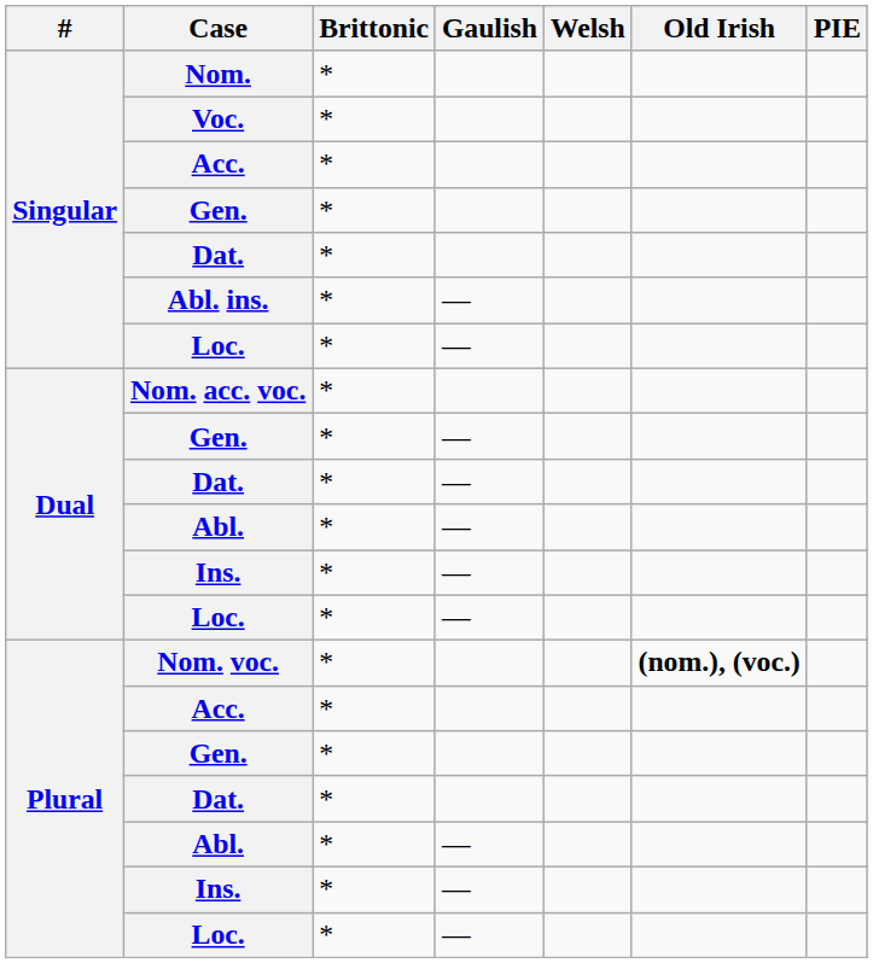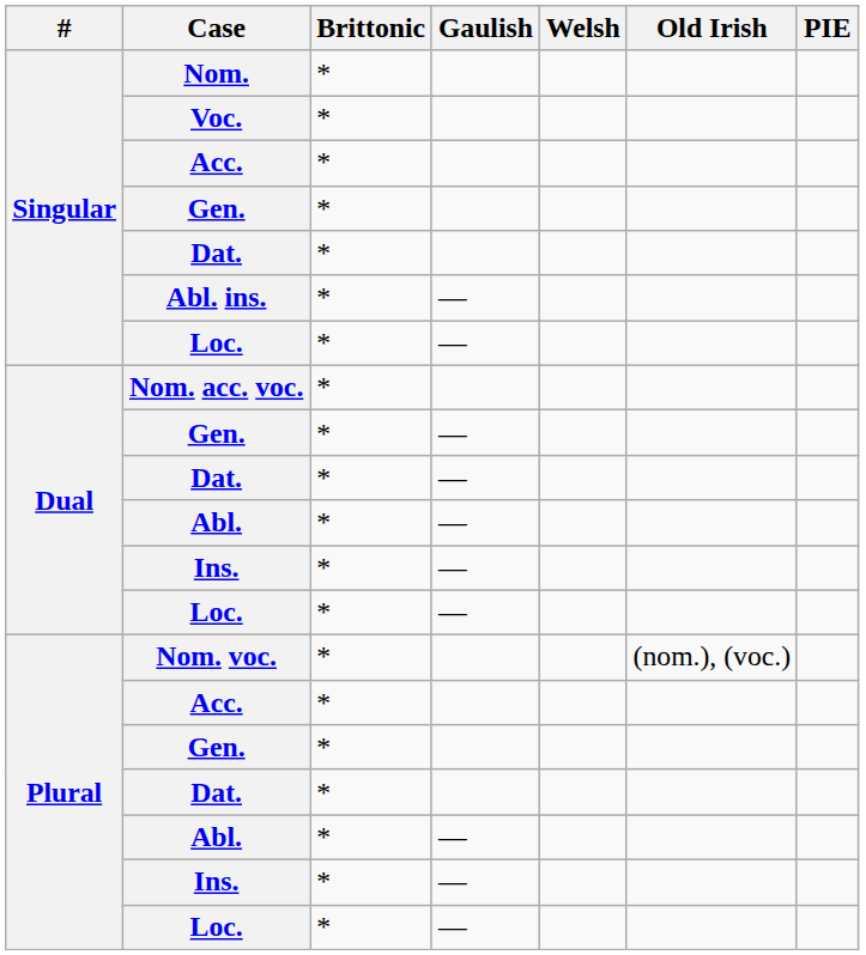 <table class="wikitable">
 <tr>
 <th>#</th>
 <th>Case</th>
 <th>Brittonic</th>
 <th>Gaulish</th>
 <th>Welsh</th>
 <th>Old Irish</th>
 <th>PIE</th>
 </tr>
 <tr>
 <th rowspan="7"><a href='#'>Singular</a></th>
 <th><a href='#'>Nom.</a></th>
 <td>*</td>
 <td></td>
 <td></td>
 <td></td>
 <td></td>
 </tr>
 <tr>
 <th><a href='#'>Voc.</a></th>
 <td>*</td>
 <td></td>
 <td></td>
 <td></td>
 <td></td>
 </tr>
 <tr>
 <th><a href='#'>Acc.</a></th>
 <td>*</td>
 <td></td>
 <td></td>
 <td></td>
 <td></td>
 </tr>
 <tr>
 <th><a href='#'>Gen.</a></th>
 <td>*</td>
 <td></td>
 <td></td>
 <td></td>
 <td></td>
 </tr>
 <tr>
 <th><a href='#'>Dat.</a></th>
 <td>*</td>
 <td></td>
 <td></td>
 <td></td>
 <td></td>
 </tr>
 <tr>
 <th><a href='#'>Abl.</a> <a href='#'>ins.</a></th>
 <td>*</td>
 <td>—</td>
 <td></td>
 <td></td>
 <td></td>
 </tr>
 <tr>
 <th><a href='#'>Loc.</a></th>
 <td>*</td>
 <td>—</td>
 <td></td>
 <td></td>
 <td></td>
 </tr>
 <tr>
 <th rowspan="6"><a href='#'>Dual</a></th>
 <th><a href='#'>Nom.</a> <a href='#'>acc.</a> <a href='#'>voc.</a></th>
 <td>*</td>
 <td></td>
 <td></td>
 <td></td>
 <td></td>
 </tr>
 <tr>
 <th><a href='#'>Gen.</a></th>
 <td>*</td>
 <td>—</td>
 <td></td>
 <td></td>
 <td></td>
 </tr>
 <tr>
 <th><a href='#'>Dat.</a></th>
 <td>*</td>
 <td>—</td>
 <td></td>
 <td></td>
 <td></td>
 </tr>
 <tr>
 <th><a href='#'>Abl.</a></th>
 <td>*</td>
 <td>—</td>
 <td></td>
 <td></td>
 <td></td>
 </tr>
 <tr>
 <th><a href='#'>Ins.</a></th>
 <td>*</td>
 <td>—</td>
 <td></td>
 <td></td>
 <td></td>
 </tr>
 <tr>
 <th><a href='#'>Loc.</a></th>
 <td>*</td>
 <td>—</td>
 <td></td>
 <td></td>
 <td></td>
 </tr>
 <tr>
 <th rowspan="7"><a href='#'>Plural</a></th>
 <th><a href='#'>Nom.</a> <a href='#'>voc.</a></th>
 <td>*</td>
 <td></td>
 <td></td>
-<td><strong> (nom.),  (voc.)</strong></td>
+<td> (nom.),  (voc.)</td>
 <td></td>
 </tr>
 <tr>
 <th><a href='#'>Acc.</a></th>
 <td>*</td>
 <td></td>
 <td></td>
 <td></td>
 <td></td>
 </tr>
 <tr>
 <th><a href='#'>Gen.</a></th>
 <td>*</td>
 <td></td>
 <td></td>
 <td></td>
 <td></td>
 </tr>
 <tr>
 <th><a href='#'>Dat.</a></th>
 <td>*</td>
 <td></td>
 <td></td>
 <td></td>
 <td></td>
 </tr>
 <tr>
 <th><a href='#'>Abl.</a></th>
 <td>*</td>
 <td>—</td>
 <td></td>
 <td></td>
 <td></td>
 </tr>
 <tr>
 <th><a href='#'>Ins.</a></th>
 <td>*</td>
 <td>—</td>
 <td></td>
 <td></td>
 <td></td>
 </tr>
 <tr>
 <th><a href='#'>Loc.</a></th>
 <td>*</td>
 <td>—</td>
 <td></td>
 <td></td>
 <td></td>
 </tr>
 </table>
